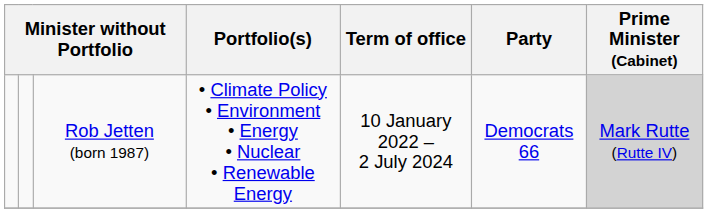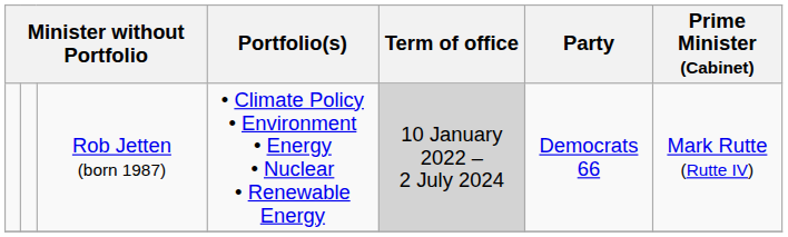 <table class="wikitable" style="text-align:center">
 <tr>
 <th colspan=3>Minister without Portfolio</th>
 <th>Portfolio(s)</th>
 <th>Term of office</th>
 <th>Party</th>
 <th>Prime Minister <br> <small>(Cabinet)</small></th>
 </tr>
 <tr>
 <td style="background:"></td>
 <td></td>
 <td><a href='#'>Rob Jetten</a> <br> <small>(born 1987)</small></td>
 <td>• <a href='#'>Climate Policy</a> <br> • <a href='#'>Environment</a> <br> • <a href='#'>Energy</a> <br> • <a href='#'>Nuclear</a> <br> • <a href='#'>Renewable Energy</a></td>
-<td>10 January 2022 – <br> 2 July 2024</td>
+<td style="background: lightgrey;">10 January 2022 – <br> 2 July 2024</td>
 <td><a href='#'>Democrats 66</a></td>
-<td style="background: lightgrey;"><a href='#'>Mark Rutte</a> <br> <small>(<a href='#'>Rutte IV</a>)</small> <br></td>
+<td><a href='#'>Mark Rutte</a> <br> <small>(<a href='#'>Rutte IV</a>)</small> <br></td>
 </tr>
 <tr>
 </tr>
 </table>
